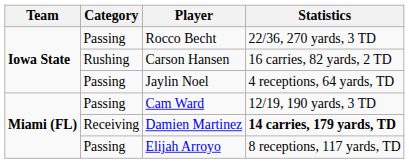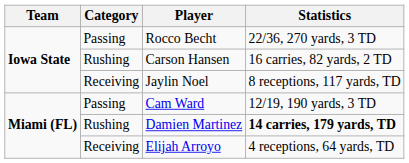 <table class="wikitable" style="float: right;">
 <tr>
 <th>Team</th>
 <th>Category</th>
 <th>Player</th>
 <th>Statistics</th>
 </tr>
 <tr>
 <td rowspan=3><strong>Iowa State</strong></td>
 <td>Passing</td>
 <td>Rocco Becht</td>
 <td>22/36, 270 yards, 3 TD</td>
 </tr>
 <tr>
 <td>Rushing</td>
 <td>Carson Hansen</td>
 <td>16 carries, 82 yards, 2 TD</td>
 </tr>
 <tr>
-<td>Passing</td>
+<td>Receiving</td>
 <td>Jaylin Noel</td>
-<td>4 receptions, 64 yards, TD</td>
+<td>8 receptions, 117 yards, TD</td>
 </tr>
 <tr>
 <td rowspan=3><strong>Miami (FL)</strong></td>
 <td>Passing</td>
 <td><a href='#'>Cam Ward</a></td>
 <td>12/19, 190 yards, 3 TD</td>
 </tr>
 <tr>
-<td>Receiving</td>
+<td>Rushing</td>
 <td><a href='#'>Damien Martinez</a></td>
 <td><strong>14 carries, 179 yards, TD</strong></td>
 </tr>
 <tr>
-<td>Passing</td>
+<td>Receiving</td>
 <td><a href='#'>Elijah Arroyo</a></td>
-<td>8 receptions, 117 yards, TD</td>
+<td>4 receptions, 64 yards, TD</td>
 </tr>
 </table>
